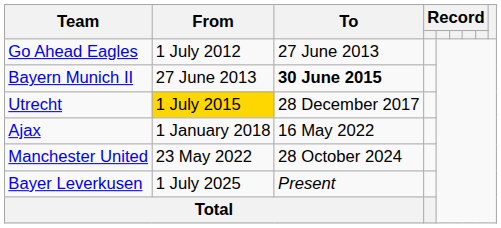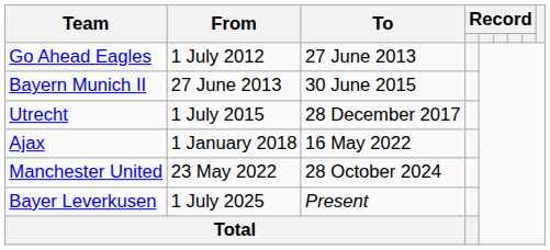 <table class="wikitable" style="text-align: center;">
 <tr>
 <th rowspan="2">Team</th>
 <th rowspan="2">From</th>
 <th rowspan="2">To</th>
 <th colspan="5">Record</th>
 <th rowspan="2"></th>
 </tr>
 <tr>
 <th></th>
 <th></th>
 <th></th>
 <th></th>
 <th></th>
 </tr>
 <tr>
 <td align="left"><a href='#'>Go Ahead Eagles</a></td>
 <td align="left">1 July 2012</td>
 <td align="left">27 June 2013<br></td>
 <td></td>
 </tr>
 <tr>
 <td align="left"><a href='#'>Bayern Munich II</a></td>
 <td align="left">27 June 2013</td>
-<td align="left"><strong>30 June 2015<br></strong></td>
+<td align="left">30 June 2015<br></td>
 <td></td>
 </tr>
 <tr>
 <td align="left"><a href='#'>Utrecht</a></td>
-<td align="left" style="background: gold;">1 July 2015</td>
+<td align="left">1 July 2015</td>
 <td align="left">28 December 2017<br></td>
 <td></td>
 </tr>
 <tr>
 <td align="left"><a href='#'>Ajax</a></td>
 <td align="left">1 January 2018</td>
 <td align="left">16 May 2022<br></td>
 <td></td>
 </tr>
 <tr>
 <td align="left"><a href='#'>Manchester United</a></td>
 <td align="left">23 May 2022</td>
 <td align="left">28 October 2024<br></td>
 <td></td>
 </tr>
 <tr>
 <td align="left"><a href='#'>Bayer Leverkusen</a></td>
 <td align="left">1 July 2025</td>
 <td align="left"><em>Present</em><br></td>
 <td></td>
 </tr>
 <tr>
 <th colspan="3">Total<br></th>
 <th></th>
 </tr>
 </table>
